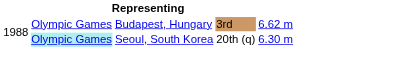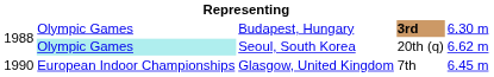 <table>
 <tr>
 <th colspan="5">Representing </th>
 </tr>
 <tr>
 <td rowspan=2>1988</td>
 <td><a href='#'>Olympic Games</a></td>
 <td><a href='#'>Budapest, Hungary</a></td>
-<td style="background:#c96;">3rd</td>
-<td><a href='#'>6.62 m</a></td>
+<td style="background:#c96;"><strong>3rd</strong></td>
+<td><a href='#'>6.30 m</a></td>
 </tr>
 <tr>
 <td style="background: paleturquoise;"><a href='#'>Olympic Games</a></td>
 <td><a href='#'>Seoul, South Korea</a></td>
 <td>20th (q)</td>
-<td><a href='#'>6.30 m</a></td>
+<td><a href='#'>6.62 m</a></td>
+</tr>
+<tr>
+<td>1990</td>
+<td><a href='#'>European Indoor Championships</a></td>
+<td><a href='#'>Glasgow, United Kingdom</a></td>
+<td>7th</td>
+<td><a href='#'>6.45 m</a></td>
 </tr>
 </table>
